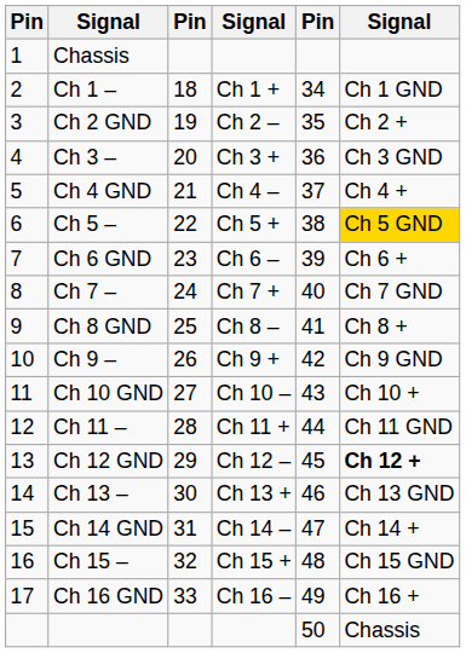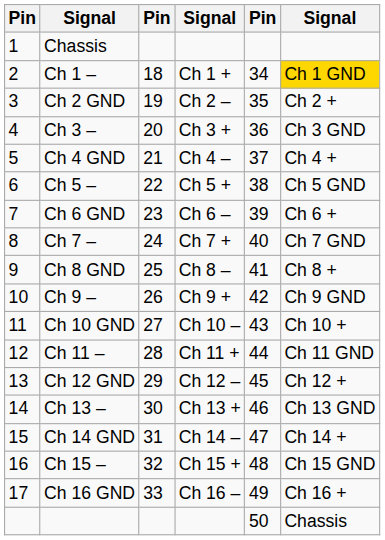 <table class="wikitable">
 <tr>
 <th>Pin</th>
 <th>Signal</th>
 <th>Pin</th>
 <th>Signal</th>
 <th>Pin</th>
 <th>Signal</th>
 </tr>
 <tr>
 <td>1</td>
 <td>Chassis</td>
 <td></td>
 <td></td>
 <td></td>
 <td></td>
 </tr>
 <tr>
 <td>2</td>
 <td>Ch 1 –</td>
 <td>18</td>
 <td>Ch 1 +</td>
 <td>34</td>
-<td>Ch 1 GND</td>
+<td style="background: gold;">Ch 1 GND</td>
 </tr>
 <tr>
 <td>3</td>
 <td>Ch 2 GND</td>
 <td>19</td>
 <td>Ch 2 –</td>
 <td>35</td>
 <td>Ch 2 +</td>
 </tr>
 <tr>
 <td>4</td>
 <td>Ch 3 –</td>
 <td>20</td>
 <td>Ch 3 +</td>
 <td>36</td>
 <td>Ch 3 GND</td>
 </tr>
 <tr>
 <td>5</td>
 <td>Ch 4 GND</td>
 <td>21</td>
 <td>Ch 4 –</td>
 <td>37</td>
 <td>Ch 4 +</td>
 </tr>
 <tr>
 <td>6</td>
 <td>Ch 5 –</td>
 <td>22</td>
 <td>Ch 5 +</td>
 <td>38</td>
-<td style="background: gold;">Ch 5 GND</td>
+<td>Ch 5 GND</td>
 </tr>
 <tr>
 <td>7</td>
 <td>Ch 6 GND</td>
 <td>23</td>
 <td>Ch 6 –</td>
 <td>39</td>
 <td>Ch 6 +</td>
 </tr>
 <tr>
 <td>8</td>
 <td>Ch 7 –</td>
 <td>24</td>
 <td>Ch 7 +</td>
 <td>40</td>
 <td>Ch 7 GND</td>
 </tr>
 <tr>
 <td>9</td>
 <td>Ch 8 GND</td>
 <td>25</td>
 <td>Ch 8 –</td>
 <td>41</td>
 <td>Ch 8 +</td>
 </tr>
 <tr>
 <td>10</td>
 <td>Ch 9 –</td>
 <td>26</td>
 <td>Ch 9 +</td>
 <td>42</td>
 <td>Ch 9 GND</td>
 </tr>
 <tr>
 <td>11</td>
 <td>Ch 10 GND</td>
 <td>27</td>
 <td>Ch 10 –</td>
 <td>43</td>
 <td>Ch 10 +</td>
 </tr>
 <tr>
 <td>12</td>
 <td>Ch 11 –</td>
 <td>28</td>
 <td>Ch 11 +</td>
 <td>44</td>
 <td>Ch 11 GND</td>
 </tr>
 <tr>
 <td>13</td>
 <td>Ch 12 GND</td>
 <td>29</td>
 <td>Ch 12 –</td>
 <td>45</td>
-<td><strong>Ch 12 +</strong></td>
+<td>Ch 12 +</td>
 </tr>
 <tr>
 <td>14</td>
 <td>Ch 13 –</td>
 <td>30</td>
 <td>Ch 13 +</td>
 <td>46</td>
 <td>Ch 13 GND</td>
 </tr>
 <tr>
 <td>15</td>
 <td>Ch 14 GND</td>
 <td>31</td>
 <td>Ch 14 –</td>
 <td>47</td>
 <td>Ch 14 +</td>
 </tr>
 <tr>
 <td>16</td>
 <td>Ch 15 –</td>
 <td>32</td>
 <td>Ch 15 +</td>
 <td>48</td>
 <td>Ch 15 GND</td>
 </tr>
 <tr>
 <td>17</td>
 <td>Ch 16 GND</td>
 <td>33</td>
 <td>Ch 16 –</td>
 <td>49</td>
 <td>Ch 16 +</td>
 </tr>
 <tr>
 <td></td>
 <td></td>
 <td></td>
 <td></td>
 <td>50</td>
 <td>Chassis</td>
 </tr>
 </table>
